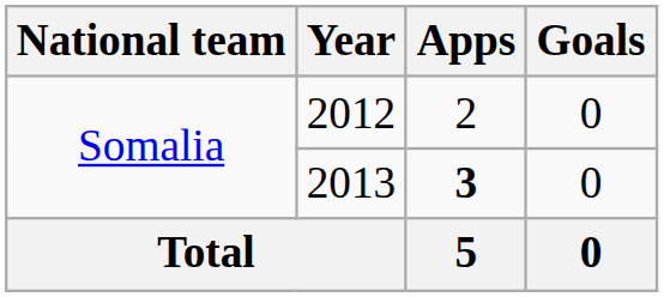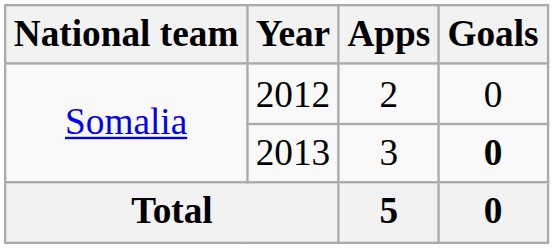 <table class="wikitable" style="text-align:center">
 <tr>
 <th>National team</th>
 <th>Year</th>
 <th>Apps</th>
 <th>Goals</th>
 </tr>
 <tr>
 <td rowspan="2"><a href='#'>Somalia</a></td>
 <td>2012</td>
 <td>2</td>
 <td>0</td>
 </tr>
 <tr>
 <td>2013</td>
-<td><strong>3</strong></td>
-<td>0</td>
+<td>3</td>
+<td><strong>0</strong></td>
 </tr>
 <tr>
 <th colspan=2>Total</th>
 <th>5</th>
 <th>0</th>
 </tr>
 </table>
